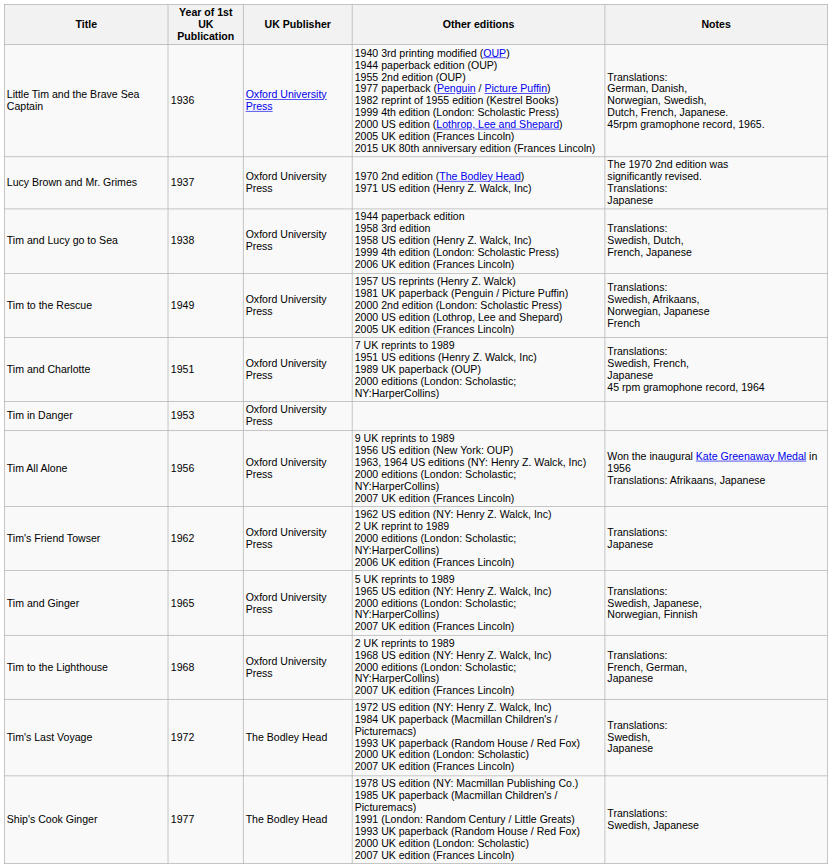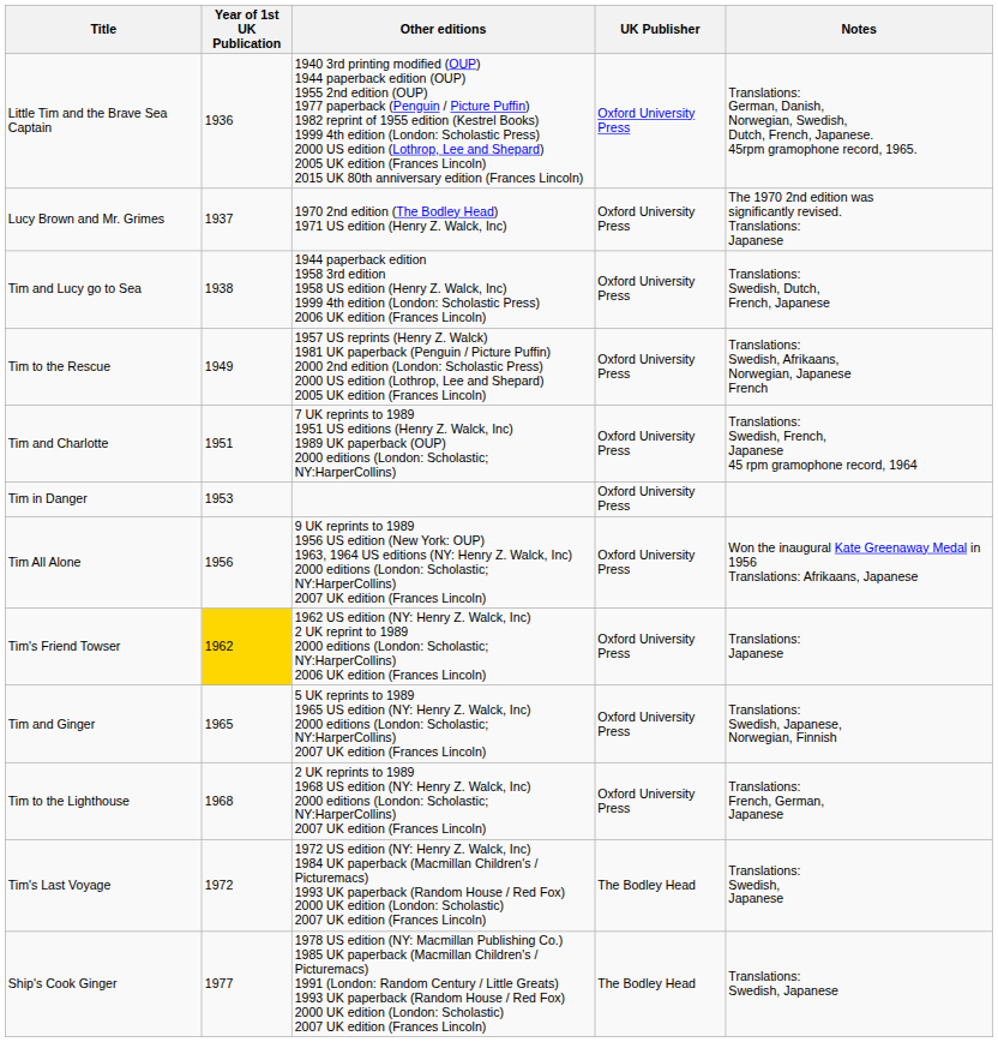 <table class="wikitable">
 <tr>
 <th>Title</th>
 <th>Year of 1st UK<br>Publication</th>
+<th>Other editions</th>
 <th>UK Publisher</th>
-<th>Other editions</th>
 <th>Notes</th>
 </tr>
 <tr>
 <td>Little Tim and the Brave Sea Captain</td>
 <td>1936</td>
+<td>1940 3rd printing modified (<a href='#'>OUP</a>)<br>1944 paperback edition (OUP)<br>1955 2nd edition (OUP)<br>1977 paperback (<a href='#'>Penguin</a> / <a href='#'>Picture Puffin</a>)<br>1982 reprint of 1955 edition (Kestrel Books)<br>1999 4th edition (London: Scholastic Press)<br>2000 US edition (<a href='#'>Lothrop, Lee and Shepard</a>)<br>2005 UK edition (Frances Lincoln)<br>2015 UK 80th anniversary edition (Frances Lincoln)</td>
 <td><a href='#'>Oxford University Press</a></td>
-<td>1940 3rd printing modified (<a href='#'>OUP</a>)<br>1944 paperback edition (OUP)<br>1955 2nd edition (OUP)<br>1977 paperback (<a href='#'>Penguin</a> / <a href='#'>Picture Puffin</a>)<br>1982 reprint of 1955 edition (Kestrel Books)<br>1999 4th edition (London: Scholastic Press)<br>2000 US edition (<a href='#'>Lothrop, Lee and Shepard</a>)<br>2005 UK edition (Frances Lincoln)<br>2015 UK 80th anniversary edition (Frances Lincoln)</td>
 <td>Translations:<br>German, Danish,<br>Norwegian, Swedish,<br>Dutch, French, Japanese.<br>45rpm gramophone record, 1965.</td>
 </tr>
 <tr>
 <td>Lucy Brown and Mr. Grimes</td>
 <td>1937</td>
+<td>1970 2nd edition (<a href='#'>The Bodley Head</a>)<br>1971 US edition (Henry Z. Walck, Inc)</td>
 <td>Oxford University Press</td>
-<td>1970 2nd edition (<a href='#'>The Bodley Head</a>)<br>1971 US edition (Henry Z. Walck, Inc)</td>
 <td>The 1970 2nd edition was<br>significantly revised.<br>Translations:<br>Japanese</td>
 </tr>
 <tr>
 <td>Tim and Lucy go to Sea</td>
 <td>1938</td>
+<td>1944 paperback edition<br>1958 3rd edition<br>1958 US edition (Henry Z. Walck, Inc)<br>1999 4th edition (London: Scholastic Press)<br>2006 UK edition (Frances Lincoln)</td>
 <td>Oxford University Press</td>
-<td>1944 paperback edition<br>1958 3rd edition<br>1958 US edition (Henry Z. Walck, Inc)<br>1999 4th edition (London: Scholastic Press)<br>2006 UK edition (Frances Lincoln)</td>
 <td>Translations:<br>Swedish, Dutch,<br>French, Japanese</td>
 </tr>
 <tr>
 <td>Tim to the Rescue</td>
 <td>1949</td>
+<td>1957 US reprints (Henry Z. Walck)<br>1981 UK paperback (Penguin / Picture Puffin)<br>2000 2nd edition (London: Scholastic Press)<br>2000 US edition (Lothrop, Lee and Shepard)<br>2005 UK edition (Frances Lincoln)</td>
 <td>Oxford University Press</td>
-<td>1957 US reprints (Henry Z. Walck)<br>1981 UK paperback (Penguin / Picture Puffin)<br>2000 2nd edition (London: Scholastic Press)<br>2000 US edition (Lothrop, Lee and Shepard)<br>2005 UK edition (Frances Lincoln)</td>
 <td>Translations:<br>Swedish, Afrikaans,<br>Norwegian, Japanese<br>French</td>
 </tr>
 <tr>
 <td>Tim and Charlotte</td>
 <td>1951</td>
+<td>7 UK reprints to 1989<br>1951 US editions (Henry Z. Walck, Inc)<br>1989 UK paperback (OUP)<br>2000 editions (London: Scholastic; NY:HarperCollins)</td>
 <td>Oxford University Press</td>
-<td>7 UK reprints to 1989<br>1951 US editions (Henry Z. Walck, Inc)<br>1989 UK paperback (OUP)<br>2000 editions (London: Scholastic; NY:HarperCollins)</td>
 <td>Translations:<br>Swedish, French,<br>Japanese<br>45 rpm gramophone record, 1964</td>
 </tr>
 <tr>
 <td>Tim in Danger</td>
 <td>1953</td>
+<td></td>
 <td>Oxford University Press</td>
-<td></td>
 <td></td>
 </tr>
 <tr>
 <td>Tim All Alone</td>
 <td>1956</td>
+<td>9 UK reprints to 1989<br>1956 US edition (New York: OUP)<br>1963, 1964 US editions (NY: Henry Z. Walck, Inc)<br>2000 editions (London: Scholastic; NY:HarperCollins)<br>2007 UK edition (Frances Lincoln)</td>
 <td>Oxford University Press</td>
-<td>9 UK reprints to 1989<br>1956 US edition (New York: OUP)<br>1963, 1964 US editions (NY: Henry Z. Walck, Inc)<br>2000 editions (London: Scholastic; NY:HarperCollins)<br>2007 UK edition (Frances Lincoln)</td>
 <td>Won the inaugural <a href='#'>Kate Greenaway Medal</a> in 1956<br>Translations: Afrikaans, Japanese</td>
 </tr>
 <tr>
 <td>Tim's Friend Towser</td>
-<td>1962</td>
+<td style="background: gold;">1962</td>
+<td>1962 US edition (NY: Henry Z. Walck, Inc)<br>2 UK reprint to 1989<br>2000 editions (London: Scholastic; NY:HarperCollins)<br>2006 UK edition (Frances Lincoln)</td>
 <td>Oxford University Press</td>
-<td>1962 US edition (NY: Henry Z. Walck, Inc)<br>2 UK reprint to 1989<br>2000 editions (London: Scholastic; NY:HarperCollins)<br>2006 UK edition (Frances Lincoln)</td>
 <td>Translations:<br>Japanese</td>
 </tr>
 <tr>
 <td>Tim and Ginger</td>
 <td>1965</td>
+<td>5 UK reprints to 1989<br>1965 US edition (NY: Henry Z. Walck, Inc)<br>2000 editions (London: Scholastic; NY:HarperCollins)<br>2007 UK edition (Frances Lincoln)</td>
 <td>Oxford University Press</td>
-<td>5 UK reprints to 1989<br>1965 US edition (NY: Henry Z. Walck, Inc)<br>2000 editions (London: Scholastic; NY:HarperCollins)<br>2007 UK edition (Frances Lincoln)</td>
 <td>Translations:<br>Swedish, Japanese,<br>Norwegian, Finnish</td>
 </tr>
 <tr>
 <td>Tim to the Lighthouse</td>
 <td>1968</td>
+<td>2 UK reprints to 1989<br>1968 US edition (NY: Henry Z. Walck, Inc)<br>2000 editions (London: Scholastic; NY:HarperCollins)<br>2007 UK edition (Frances Lincoln)</td>
 <td>Oxford University Press</td>
-<td>2 UK reprints to 1989<br>1968 US edition (NY: Henry Z. Walck, Inc)<br>2000 editions (London: Scholastic; NY:HarperCollins)<br>2007 UK edition (Frances Lincoln)</td>
 <td>Translations:<br>French, German,<br>Japanese</td>
 </tr>
 <tr>
 <td>Tim's Last Voyage</td>
 <td>1972</td>
+<td>1972 US edition (NY: Henry Z. Walck, Inc)<br>1984 UK paperback (Macmillan Children's / Picturemacs)<br>1993 UK paperback (Random House / Red Fox)<br>2000 UK edition (London: Scholastic)<br>2007 UK edition (Frances Lincoln)</td>
 <td>The Bodley Head</td>
-<td>1972 US edition (NY: Henry Z. Walck, Inc)<br>1984 UK paperback (Macmillan Children's / Picturemacs)<br>1993 UK paperback (Random House / Red Fox)<br>2000 UK edition (London: Scholastic)<br>2007 UK edition (Frances Lincoln)</td>
 <td>Translations:<br>Swedish,<br>Japanese</td>
 </tr>
 <tr>
 <td>Ship's Cook Ginger</td>
 <td>1977</td>
+<td>1978 US edition (NY: Macmillan Publishing Co.)<br>1985 UK paperback (Macmillan Children's / Picturemacs)<br>1991 (London: Random Century / Little Greats)<br>1993 UK paperback (Random House / Red Fox)<br>2000 UK edition (London: Scholastic)<br>2007 UK edition (Frances Lincoln)</td>
 <td>The Bodley Head</td>
-<td>1978 US edition (NY: Macmillan Publishing Co.)<br>1985 UK paperback (Macmillan Children's / Picturemacs)<br>1991 (London: Random Century / Little Greats)<br>1993 UK paperback (Random House / Red Fox)<br>2000 UK edition (London: Scholastic)<br>2007 UK edition (Frances Lincoln)</td>
 <td>Translations:<br>Swedish, Japanese</td>
 </tr>
 </table>
